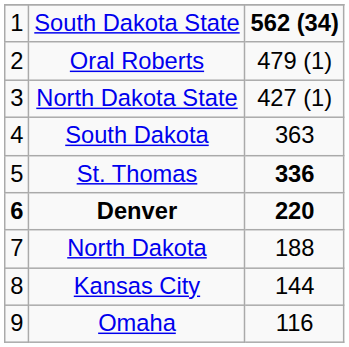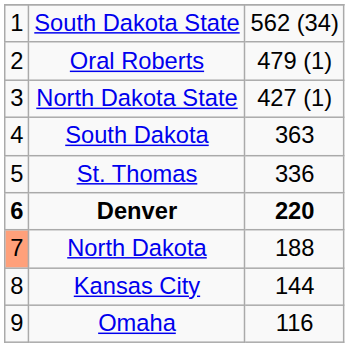 <table class="wikitable">
 <tr align=center>
 </tr>
 <tr align="center">
 <td>1</td>
 <td><a href='#'>South Dakota State</a></td>
-<td><strong>562 (34)</strong></td>
+<td>562 (34)</td>
 </tr>
 <tr align="center">
 <td>2</td>
 <td><a href='#'>Oral Roberts</a></td>
 <td>479 (1)</td>
 </tr>
 <tr align="center">
 <td>3</td>
 <td><a href='#'>North Dakota State</a></td>
 <td>427 (1)</td>
 </tr>
 <tr align="center">
 <td>4</td>
 <td><a href='#'>South Dakota</a></td>
 <td>363</td>
 </tr>
 <tr align="center">
 <td>5</td>
 <td><a href='#'>St. Thomas</a></td>
-<td><strong>336</strong></td>
+<td>336</td>
 </tr>
 <tr align="center">
 <td><strong>6</strong></td>
 <td><strong>Denver</strong></td>
 <td><strong>220</strong></td>
 </tr>
 <tr align="center">
-<td>7</td>
+<td style="background: lightsalmon;">7</td>
 <td><a href='#'>North Dakota</a></td>
 <td>188</td>
 </tr>
 <tr align="center">
 <td>8</td>
 <td><a href='#'>Kansas City</a></td>
 <td>144</td>
 </tr>
 <tr align="center">
 <td>9</td>
 <td><a href='#'>Omaha</a></td>
 <td>116</td>
 </tr>
 </table>
